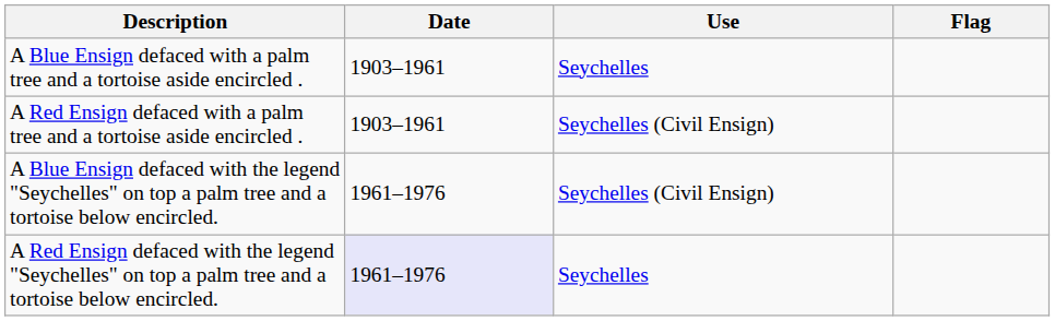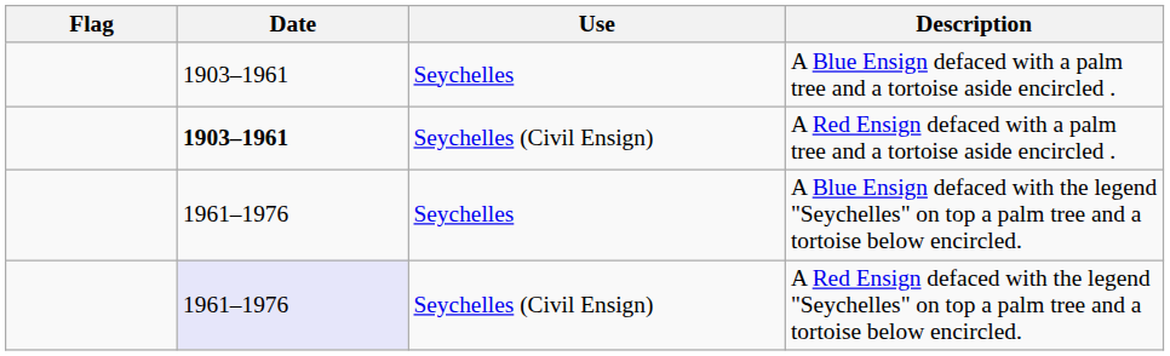 <table class="wikitable">
 <tr style="background:#efefef;">
-<th style="width:250px;">Description</th>
+<th style="width:110px;">Flag</th>
 <th style="width:150px;">Date</th>
 <th style="width:250px;">Use</th>
-<th style="width:110px;">Flag</th>
+<th style="width:250px;">Description</th>
 </tr>
 <tr>
-<td>A <a href='#'>Blue Ensign</a> defaced with a palm tree and a tortoise aside encircled .</td>
+<td></td>
 <td>1903–1961</td>
 <td><a href='#'>Seychelles</a></td>
-<td></td>
+<td>A <a href='#'>Blue Ensign</a> defaced with a palm tree and a tortoise aside encircled .</td>
 </tr>
 <tr>
+<td></td>
+<td><strong>1903–1961</strong></td>
+<td><a href='#'>Seychelles</a> (Civil Ensign)</td>
 <td>A <a href='#'>Red Ensign</a> defaced with a palm tree and a tortoise aside encircled .</td>
-<td>1903–1961</td>
-<td><a href='#'>Seychelles</a> (Civil Ensign)</td>
-<td></td>
 </tr>
 <tr>
+<td></td>
+<td>1961–1976</td>
+<td><a href='#'>Seychelles</a></td>
 <td>A <a href='#'>Blue Ensign</a> defaced with the legend "Seychelles" on top a palm tree and a tortoise below encircled.</td>
-<td>1961–1976</td>
-<td><a href='#'>Seychelles</a> (Civil Ensign)</td>
-<td></td>
 </tr>
 <tr>
+<td></td>
+<td style="background: lavender;">1961–1976</td>
+<td><a href='#'>Seychelles</a> (Civil Ensign)</td>
 <td>A <a href='#'>Red Ensign</a> defaced with the legend "Seychelles" on top a palm tree and a tortoise below encircled.</td>
-<td style="background: lavender;">1961–1976</td>
-<td><a href='#'>Seychelles</a></td>
-<td></td>
 </tr>
 </table>
